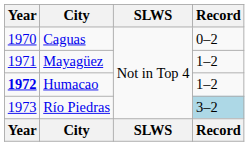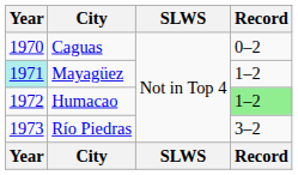 <table class="wikitable">
 <tr>
 <th>Year</th>
 <th>City</th>
 <th>SLWS</th>
 <th>Record</th>
 </tr>
 <tr>
 <td><a href='#'>1970</a></td>
 <td><a href='#'>Caguas</a></td>
 <td rowspan=4>Not in Top 4</td>
 <td>0–2</td>
 </tr>
 <tr>
-<td><a href='#'>1971</a></td>
+<td style="background: paleturquoise;"><a href='#'>1971</a></td>
 <td><a href='#'>Mayagüez</a></td>
 <td>1–2</td>
 </tr>
 <tr>
-<td><strong><a href='#'>1972</a></strong></td>
+<td><a href='#'>1972</a></td>
 <td><a href='#'>Humacao</a></td>
-<td>1–2</td>
+<td style="background: lightgreen;">1–2</td>
 </tr>
 <tr>
 <td><a href='#'>1973</a></td>
 <td><a href='#'> Río Piedras</a></td>
-<td style="background: lightblue;">3–2</td>
+<td>3–2</td>
 </tr>
 <tr>
 <th>Year</th>
 <th>City</th>
 <th>SLWS</th>
 <th>Record</th>
 </tr>
 </table>
